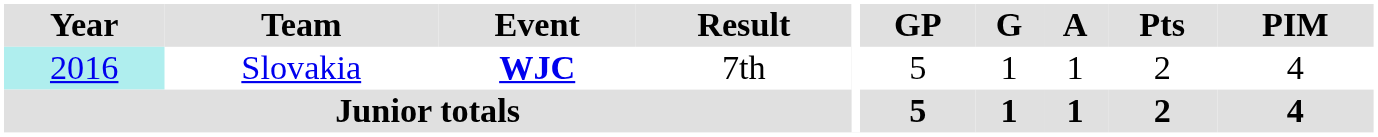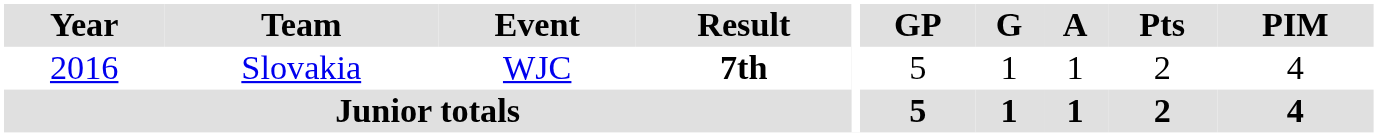 <table border="0" cellpadding="1" cellspacing="0" ID="Table3" style="text-align:center; width:40em">
 <tr ALIGN="center" bgcolor="#e0e0e0">
 <th>Year</th>
 <th>Team</th>
 <th>Event</th>
 <th>Result</th>
 <th rowspan="99" bgcolor="#ffffff"></th>
 <th>GP</th>
 <th>G</th>
 <th>A</th>
 <th>Pts</th>
 <th>PIM</th>
 </tr>
 <tr>
-<td style="background: paleturquoise;"><a href='#'>2016</a></td>
+<td><a href='#'>2016</a></td>
 <td><a href='#'>Slovakia</a></td>
-<td><strong><a href='#'>WJC</a></strong></td>
-<td>7th</td>
+<td><a href='#'>WJC</a></td>
+<td><strong>7th</strong></td>
 <td>5</td>
 <td>1</td>
 <td>1</td>
 <td>2</td>
 <td>4</td>
 </tr>
 <tr bgcolor="#e0e0e0">
 <th colspan="4">Junior totals</th>
 <th>5</th>
 <th>1</th>
 <th>1</th>
 <th>2</th>
 <th>4</th>
 </tr>
 </table>
